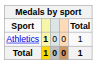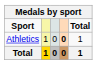 <table class="wikitable" style="font-size:85%; float:right;">
 <tr style="background:#efefef;">
 <th colspan=7><strong>Medals by sport</strong></th>
 </tr>
 <tr align=center>
 <td><strong>Sport</strong></td>
 <td style="background:#f7f6a8;"></td>
 <td style="background:#dce5e5;"></td>
 <td style="background:#ffdab9;"></td>
 <td><strong>Total</strong></td>
 </tr>
 <tr align=center>
 <td><a href='#'>Athletics</a></td>
-<td style="background:#f7f6a8;"><strong>1</strong></td>
+<td style="background:#f7f6a8;">1</td>
 <td style="background:#dce5e5;">0</td>
-<td style="background:#ffdab9;">0</td>
+<td style="background:#ffdab9;"><strong>0</strong></td>
 <td>1</td>
 </tr>
 <tr align=center>
 <th><strong>Total</strong></th>
 <th style="background:gold;"><strong>1</strong></th>
 <th style="background:silver;"><strong>0</strong></th>
 <th style="background:#c96;"><strong>0</strong></th>
 <th><strong>1</strong></th>
 </tr>
 </table>
